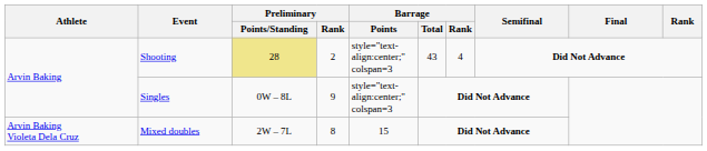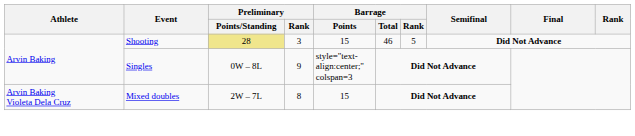 <table class="wikitable" width="80%" style="text-align:left; font-size:90%">
 <tr>
 <th width="17%" rowspan=2>Athlete</th>
 <th width="12%" rowspan=2>Event</th>
 <th width="15%" colspan=2>Preliminary</th>
 <th width="12%" colspan=3>Barrage</th>
 <th width="12%" rowspan=2>Semifinal</th>
 <th width="12%" rowspan=2>Final</th>
 <th width="5%" rowspan=2>Rank</th>
 </tr>
 <tr>
 <th>Points/Standing</th>
 <th>Rank</th>
 <th>Points</th>
 <th>Total</th>
 <th>Rank</th>
 </tr>
 <tr>
 <td rowspan=2><a href='#'>Arvin Baking</a></td>
 <td><a href='#'>Shooting</a></td>
 <td align=center style="background: khaki;">28</td>
-<td align=center>2</td>
-<td>style="text-align:center;"  colspan=3 </td>
-<td align=center>43</td>
-<td align=center>4</td>
+<td align=center>3</td>
+<td align=center>15</td>
+<td align=center>46</td>
+<td align=center>5</td>
 <td align=center colspan=3><strong>Did Not Advance</strong></td>
 </tr>
 <tr>
 <td><a href='#'>Singles</a></td>
 <td align=center>0W – 8L</td>
 <td align=center>9</td>
 <td>style="text-align:center;"  colspan=3 </td>
 <td align=center colspan=3><strong>Did Not Advance</strong></td>
 </tr>
 <tr>
 <td><a href='#'>Arvin Baking</a> <br> <a href='#'>Violeta Dela Cruz</a></td>
 <td><a href='#'>Mixed doubles</a></td>
 <td align=center>2W – 7L</td>
 <td align=center>8</td>
 <td align=center>15</td>
 <td align=center colspan=3><strong>Did Not Advance</strong></td>
 </tr>
 </table>
